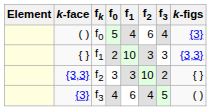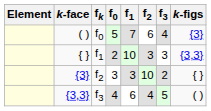 <table class=wikitable>
 <tr>
 <th>Element</th>
 <th><em>k</em>-face</th>
 <th>f<sub><em>k</em></sub></th>
 <th>f<sub>0</sub></th>
 <th>f<sub>1</sub></th>
 <th>f<sub>2</sub></th>
 <th>f<sub>3</sub></th>
 <th><em>k</em>-figs</th>
 </tr>
 <tr align=right>
 <td align=left bgcolor=#ffffe0></td>
 <td>( )</td>
 <td rowspan=1>f<sub>0</sub></td>
 <td bgcolor=#e0ffe0>5</td>
-<td bgcolor=#e0e0e0>4</td>
+<td bgcolor=#e0e0e0>7</td>
 <td bgcolor=#ffffff>6</td>
 <td bgcolor=#e0e0e0>4</td>
 <td><a href='#'>{3}</a></td>
 </tr>
 <tr align=right>
 <td align=left bgcolor=#ffffe0></td>
 <td>{ }</td>
 <td rowspan=1>f<sub>1</sub></td>
 <td bgcolor=#e0e0e0>2</td>
 <td bgcolor=#e0ffe0>10</td>
 <td bgcolor=#e0e0e0>3</td>
 <td bgcolor=#ffffff>3</td>
 <td><a href='#'>{3,3}</a></td>
 </tr>
 <tr align=right>
 <td align=left bgcolor=#ffffe0></td>
-<td><a href='#'>{3,3}</a></td>
+<td><a href='#'>{3}</a></td>
 <td rowspan=1>f<sub>2</sub></td>
 <td bgcolor=#ffffff>3</td>
 <td bgcolor=#e0e0e0>3</td>
 <td bgcolor=#e0ffe0>10</td>
 <td bgcolor=#e0e0e0>2</td>
 <td>{ }</td>
 </tr>
 <tr align=right>
 <td align=left bgcolor=#ffffe0></td>
-<td><a href='#'>{3}</a></td>
+<td><a href='#'>{3,3}</a></td>
 <td rowspan=1>f<sub>3</sub></td>
 <td bgcolor=#e0e0e0>4</td>
 <td bgcolor=#ffffff>6</td>
 <td bgcolor=#e0e0e0>4</td>
 <td bgcolor=#e0ffe0>5</td>
 <td>( )</td>
 </tr>
 </table>
